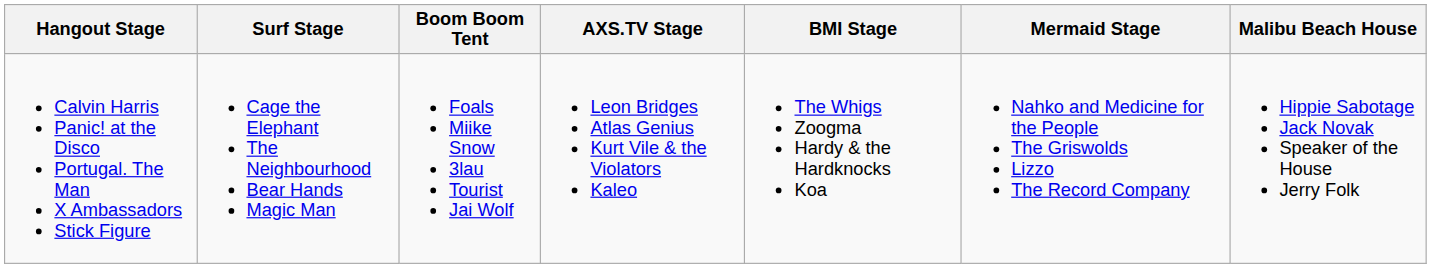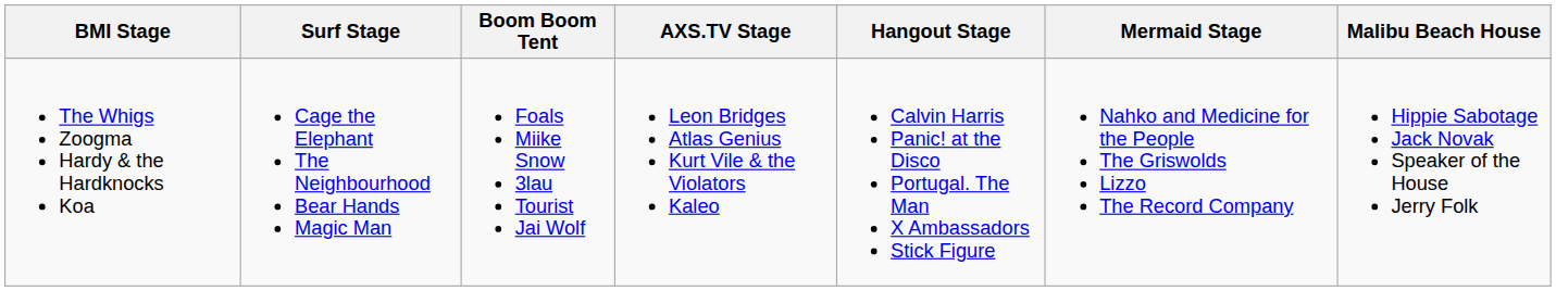 <table class="wikitable">
 <tr>
-<th>Hangout Stage</th>
+<th>BMI Stage</th>
 <th>Surf Stage</th>
 <th>Boom Boom Tent</th>
 <th>AXS.TV Stage</th>
-<th>BMI Stage</th>
+<th>Hangout Stage</th>
 <th>Mermaid Stage</th>
 <th>Malibu Beach House</th>
 </tr>
 <tr valign="top">
-<td><br><ul><li><a href='#'>Calvin Harris</a></li><li><a href='#'>Panic! at the Disco</a></li><li><a href='#'>Portugal. The Man</a></li><li><a href='#'>X Ambassadors</a></li><li><a href='#'>Stick Figure</a></li></ul></td>
+<td><br><ul><li><a href='#'>The Whigs</a></li><li>Zoogma</li><li>Hardy & the Hardknocks</li><li>Koa</li></ul></td>
 <td><br><ul><li><a href='#'>Cage the Elephant</a></li><li><a href='#'>The Neighbourhood</a></li><li><a href='#'>Bear Hands</a></li><li><a href='#'>Magic Man</a></li></ul></td>
 <td><br><ul><li><a href='#'>Foals</a></li><li><a href='#'>Miike Snow</a></li><li><a href='#'>3lau</a></li><li><a href='#'>Tourist</a></li><li><a href='#'>Jai Wolf</a></li></ul></td>
 <td><br><ul><li><a href='#'>Leon Bridges</a></li><li><a href='#'>Atlas Genius</a></li><li><a href='#'>Kurt Vile & the Violators</a></li><li><a href='#'>Kaleo</a></li></ul></td>
-<td><br><ul><li><a href='#'>The Whigs</a></li><li>Zoogma</li><li>Hardy & the Hardknocks</li><li>Koa</li></ul></td>
+<td><br><ul><li><a href='#'>Calvin Harris</a></li><li><a href='#'>Panic! at the Disco</a></li><li><a href='#'>Portugal. The Man</a></li><li><a href='#'>X Ambassadors</a></li><li><a href='#'>Stick Figure</a></li></ul></td>
 <td><br><ul><li><a href='#'>Nahko and Medicine for the People</a></li><li><a href='#'>The Griswolds</a></li><li><a href='#'>Lizzo</a></li><li><a href='#'>The Record Company</a></li></ul></td>
 <td><br><ul><li><a href='#'>Hippie Sabotage</a></li><li><a href='#'>Jack Novak</a></li><li>Speaker of the House</li><li>Jerry Folk</li></ul></td>
 </tr>
 </table>
